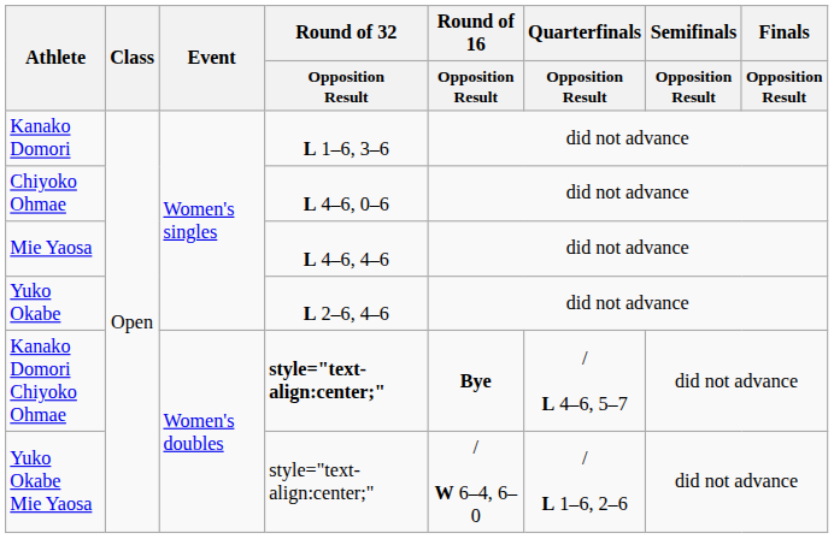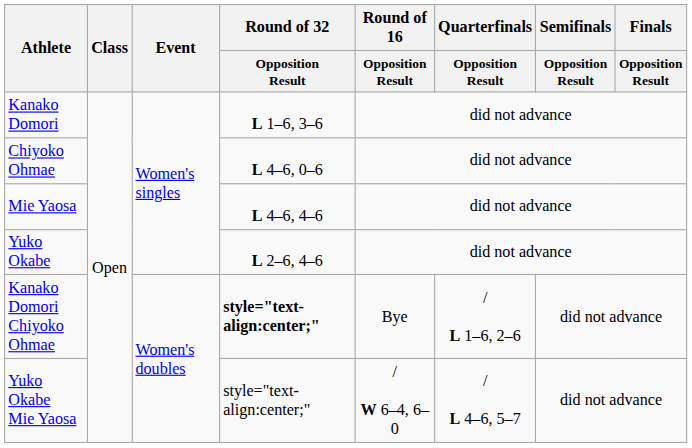 <table class=wikitable style="font-size:90%">
 <tr>
 <th rowspan="2">Athlete</th>
 <th rowspan="2">Class</th>
 <th rowspan="2">Event</th>
 <th>Round of 32</th>
 <th>Round of 16</th>
 <th>Quarterfinals</th>
 <th>Semifinals</th>
 <th>Finals</th>
 </tr>
 <tr>
 <th style="line-height:1em"><small>Opposition<br>Result</small></th>
 <th style="line-height:1em"><small>Opposition<br>Result</small></th>
 <th style="line-height:1em"><small>Opposition<br>Result</small></th>
 <th style="line-height:1em"><small>Opposition<br>Result</small></th>
 <th style="line-height:1em"><small>Opposition<br>Result</small></th>
 </tr>
 <tr>
 <td><a href='#'>Kanako Domori</a></td>
 <td rowspan="6" style="text-align:center;">Open</td>
 <td rowspan="4"><a href='#'>Women's singles</a></td>
 <td style="text-align:center;"><br><strong>L</strong> 1–6, 3–6</td>
 <td style="text-align:center;" colspan="4">did not advance</td>
 </tr>
 <tr>
 <td><a href='#'>Chiyoko Ohmae</a></td>
 <td style="text-align:center;"><br><strong>L</strong> 4–6, 0–6</td>
 <td style="text-align:center;" colspan="4">did not advance</td>
 </tr>
 <tr>
 <td><a href='#'>Mie Yaosa</a></td>
 <td style="text-align:center;"><br><strong>L</strong> 4–6, 4–6</td>
 <td style="text-align:center;" colspan="4">did not advance</td>
 </tr>
 <tr>
 <td><a href='#'>Yuko Okabe</a></td>
 <td style="text-align:center;"><br><strong>L</strong> 2–6, 4–6</td>
 <td style="text-align:center;" colspan="4">did not advance</td>
 </tr>
 <tr>
 <td><a href='#'>Kanako Domori</a><br> <a href='#'>Chiyoko Ohmae</a></td>
 <td rowspan="2"><a href='#'>Women's doubles</a></td>
 <td><strong>style="text-align:center;" </strong></td>
-<td style="text-align:center;"><strong>Bye</strong></td>
-<td style="text-align:center;"> /<br> <br><strong>L</strong> 4–6, 5–7</td>
+<td style="text-align:center;">Bye</td>
+<td style="text-align:center;"> /<br> <br><strong>L</strong> 1–6, 2–6</td>
 <td style="text-align:center;" colspan="2">did not advance</td>
 </tr>
 <tr>
 <td><a href='#'>Yuko Okabe</a><br> <a href='#'>Mie Yaosa</a></td>
 <td>style="text-align:center;" </td>
 <td style="text-align:center;"> /<br> <br><strong>W</strong> 6–4, 6–0</td>
-<td style="text-align:center;"> /<br> <br><strong>L</strong> 1–6, 2–6</td>
+<td style="text-align:center;"> /<br> <br><strong>L</strong> 4–6, 5–7</td>
 <td style="text-align:center;" colspan="2">did not advance</td>
 </tr>
 </table>
